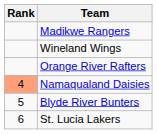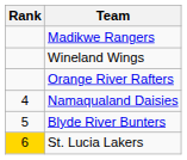 <table class="wikitable">
 <tr>
 <th style="width: 40px;">Rank</th>
 <th>Team</th>
 </tr>
 <tr>
 <td style="text-align: center;"></td>
 <td><a href='#'>Madikwe Rangers</a></td>
 </tr>
 <tr>
 <td style="text-align: center;"></td>
 <td>Wineland Wings</td>
 </tr>
 <tr>
 <td style="text-align: center;"></td>
 <td><a href='#'>Orange River Rafters</a></td>
 </tr>
 <tr>
-<td style="background: lightsalmon; text-align: center;">4</td>
+<td style="text-align: center;">4</td>
 <td><a href='#'>Namaqualand Daisies</a></td>
 </tr>
 <tr>
 <td style="text-align: center;">5</td>
 <td><a href='#'>Blyde River Bunters</a></td>
 </tr>
 <tr>
-<td style="text-align: center;">6</td>
+<td style="background: gold; text-align: center;">6</td>
 <td>St. Lucia Lakers</td>
 </tr>
 </table>
